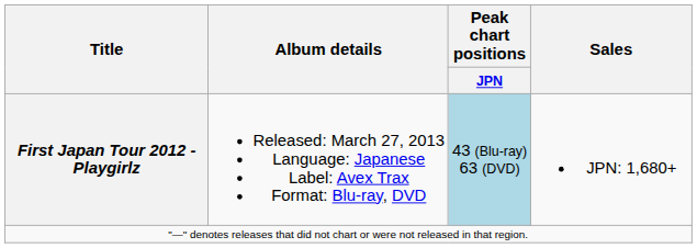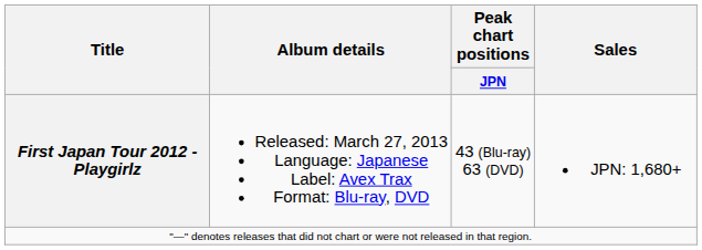 <table class="wikitable plainrowheaders" style="text-align:center;">
 <tr>
 <th rowspan="2" style="width:12em;">Title</th>
 <th rowspan="2">Album details</th>
 <th colspan="1">Peak<br>chart<br>positions</th>
 <th rowspan=2 width="150">Sales</th>
 </tr>
 <tr>
 <th><small><a href='#'>JPN</a></small><br></th>
 </tr>
 <tr>
 <th scope="row"><em>First Japan Tour 2012 - Playgirlz</em></th>
 <td><br><ul><li>Released: March 27, 2013</li><li>Language: <a href='#'>Japanese</a></li><li>Label: <a href='#'>Avex Trax</a></li><li>Format: <a href='#'>Blu-ray</a>, <a href='#'>DVD</a></li></ul></td>
-<td align="center" style="background: lightblue;">43 <small>(Blu-ray)</small><br>63 <small>(DVD)</small></td>
+<td align="center">43 <small>(Blu-ray)</small><br>63 <small>(DVD)</small></td>
 <td><br><ul><li>JPN: 1,680+</li></ul></td>
 </tr>
 <tr>
 <td align="center" colspan="5" style="font-size:8pt">"—" denotes releases that did not chart or were not released in that region.</td>
 </tr>
 </table>
